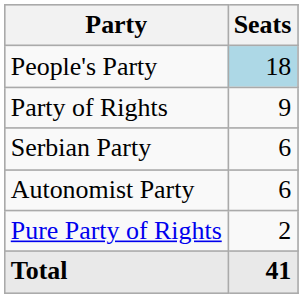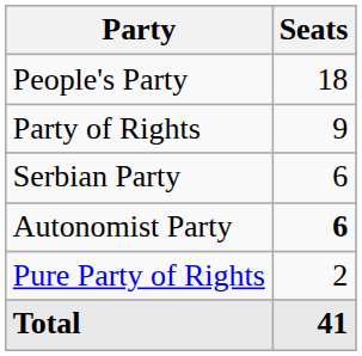 <table class=wikitable style="text-align:right">
 <tr>
 <th>Party</th>
 <th>Seats</th>
 </tr>
 <tr>
 <td align=left>People's Party</td>
-<td style="background: lightblue;">18</td>
+<td>18</td>
 </tr>
 <tr>
 <td align=left>Party of Rights</td>
 <td>9</td>
 </tr>
 <tr>
 <td align=left>Serbian Party</td>
 <td>6</td>
 </tr>
 <tr>
 <td align=left>Autonomist Party</td>
-<td>6</td>
+<td><strong>6</strong></td>
 </tr>
 <tr>
 <td align=left><a href='#'>Pure Party of Rights</a></td>
 <td>2</td>
 </tr>
 <tr>
 <td align=left style="background-color:#E9E9E9"><strong>Total</strong></td>
 <td width="30" style="background-color:#E9E9E9"><strong>41</strong></td>
 </tr>
 </table>
